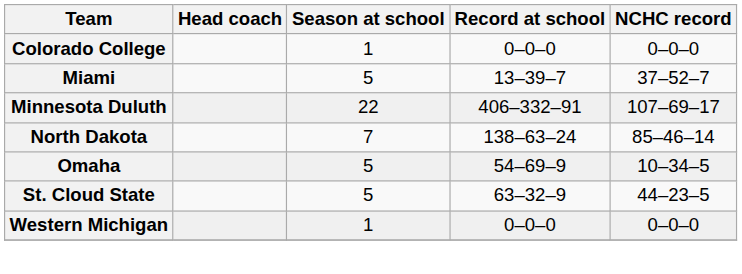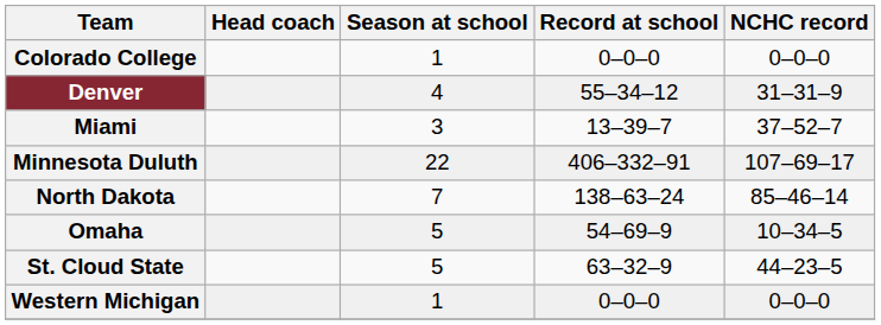 <table class="wikitable sortable" style="text-align: center; "width=50%">
 <tr>
 <th>Team</th>
 <th>Head coach</th>
 <th>Season at school</th>
 <th>Record at school</th>
 <th>NCHC record</th>
 </tr>
 <tr>
 <th>Colorado College</th>
 <td></td>
 <td>1</td>
 <td>0–0–0</td>
 <td>0–0–0</td>
 </tr>
+<tr bgcolor=f0f0f0>
+<th style="color:white; background:#862633; ">Denver</th>
+<td></td>
+<td>4</td>
+<td>55–34–12</td>
+<td>31–31–9</td>
+</tr>
 <tr>
 <th>Miami</th>
 <td></td>
-<td>5</td>
+<td>3</td>
 <td>13–39–7</td>
 <td>37–52–7</td>
 </tr>
 <tr bgcolor=f0f0f0>
 <th>Minnesota Duluth</th>
 <td></td>
 <td>22</td>
 <td>406–332–91</td>
 <td>107–69–17</td>
 </tr>
 <tr>
 <th>North Dakota</th>
 <td></td>
 <td>7</td>
 <td>138–63–24</td>
 <td>85–46–14</td>
 </tr>
 <tr bgcolor=f0f0f0>
 <th>Omaha</th>
 <td></td>
 <td>5</td>
 <td>54–69–9</td>
 <td>10–34–5</td>
 </tr>
 <tr>
 <th>St. Cloud State</th>
 <td></td>
 <td>5</td>
 <td>63–32–9</td>
 <td>44–23–5</td>
 </tr>
 <tr bgcolor=f0f0f0>
 <th>Western Michigan</th>
 <td></td>
 <td>1</td>
 <td>0–0–0</td>
 <td>0–0–0</td>
 </tr>
 <tr>
 </tr>
 </table>
